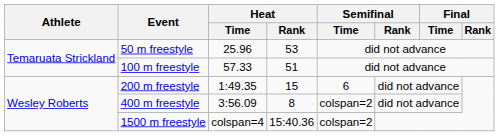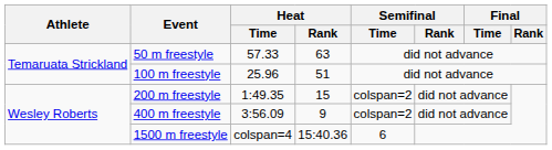 <table class=wikitable style=font-size:90%>
 <tr>
 <th rowspan=2>Athlete</th>
 <th rowspan=2>Event</th>
 <th colspan=2>Heat</th>
 <th colspan=2>Semifinal</th>
 <th colspan=2>Final</th>
 </tr>
 <tr style=font-size:95%>
 <th>Time</th>
 <th>Rank</th>
 <th>Time</th>
 <th>Rank</th>
 <th>Time</th>
 <th>Rank</th>
 </tr>
 <tr align=center>
 <td align=left rowspan=2><a href='#'>Temaruata Strickland</a></td>
 <td align=left><a href='#'>50 m freestyle</a></td>
-<td>25.96</td>
-<td>53</td>
+<td>57.33</td>
+<td>63</td>
 <td colspan=4>did not advance</td>
 </tr>
 <tr align=center>
 <td align=left><a href='#'>100 m freestyle</a></td>
-<td>57.33</td>
+<td>25.96</td>
 <td>51</td>
 <td Colspan=4>did not advance</td>
 </tr>
 <tr align=center>
 <td align=left rowspan=3><a href='#'>Wesley Roberts</a></td>
 <td align=left><a href='#'>200 m freestyle</a></td>
 <td>1:49.35</td>
 <td>15</td>
-<td>6</td>
+<td>colspan=2 </td>
 <td colspan=2>did not advance</td>
 </tr>
 <tr align=center>
 <td align=left><a href='#'>400 m freestyle</a></td>
 <td>3:56.09</td>
-<td>8</td>
+<td>9</td>
 <td>colspan=2 </td>
 <td colspan=2>did not advance</td>
 </tr>
 <tr align=center>
 <td align=left><a href='#'>1500 m freestyle</a></td>
 <td>colspan=4 </td>
 <td>15:40.36</td>
-<td>colspan=2 </td>
+<td>6</td>
 </tr>
 </table>
